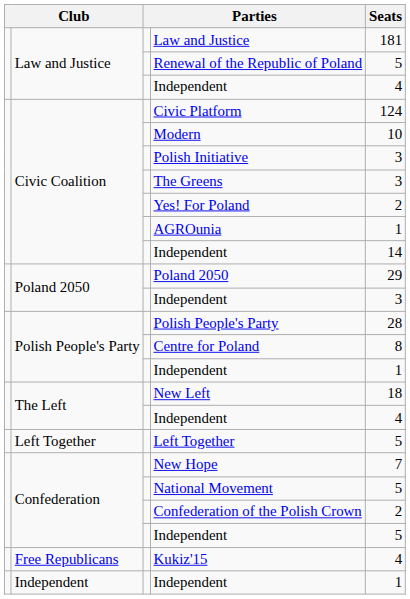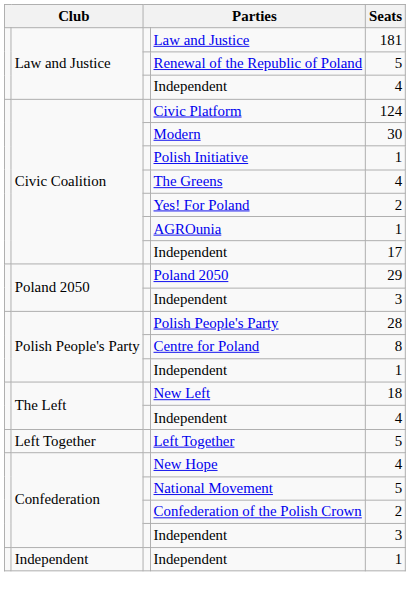 <table class="wikitable sortable">
 <tr>
 <th colspan="2">Club</th>
 <th colspan="2">Parties</th>
 <th>Seats</th>
 </tr>
 <tr>
 <td rowspan="3" style="background: "></td>
 <td rowspan="3">Law and Justice</td>
 <td style="background: "></td>
 <td><a href='#'>Law and Justice</a></td>
 <td align=right>181</td>
 </tr>
 <tr>
 <td style="background: "></td>
 <td><a href='#'>Renewal of the Republic of Poland</a></td>
 <td align=right>5</td>
 </tr>
 <tr>
 <td style="background: "></td>
 <td>Independent</td>
 <td align=right>4</td>
 </tr>
 <tr>
 <td rowspan="7" style="background: "></td>
 <td rowspan="7">Civic Coalition</td>
 <td style="background: "></td>
 <td><a href='#'>Civic Platform</a></td>
 <td align=right>124</td>
 </tr>
 <tr>
 <td style="background: "></td>
 <td><a href='#'>Modern</a></td>
-<td align=right>10</td>
+<td align=right>30</td>
 </tr>
 <tr>
 <td style="background: "></td>
 <td><a href='#'>Polish Initiative</a></td>
-<td align=right>3</td>
+<td align=right>1</td>
 </tr>
 <tr>
 <td style="background: "></td>
 <td><a href='#'>The Greens</a></td>
-<td align=right>3</td>
+<td align=right>4</td>
 </tr>
 <tr>
 <td style="background: "></td>
 <td><a href='#'>Yes! For Poland</a></td>
 <td align=right>2</td>
 </tr>
 <tr>
 <td style="background: "></td>
 <td><a href='#'>AGROunia</a></td>
 <td align=right>1</td>
 </tr>
 <tr>
 <td style="background: "></td>
 <td>Independent</td>
-<td align=right>14</td>
+<td align=right>17</td>
 </tr>
 <tr>
 <td rowspan="2" style="background: "></td>
 <td rowspan="2">Poland 2050</td>
 <td style="background: "></td>
 <td><a href='#'>Poland 2050</a></td>
 <td align=right>29</td>
 </tr>
 <tr>
 <td style="background: "></td>
 <td>Independent</td>
 <td align=right>3</td>
 </tr>
 <tr>
 <td rowspan="3" style="background: "></td>
 <td rowspan="3">Polish People's Party</td>
 <td style="background: "></td>
 <td><a href='#'>Polish People's Party</a></td>
 <td align=right>28</td>
 </tr>
 <tr>
 <td style="background: "></td>
 <td><a href='#'>Centre for Poland</a></td>
 <td align=right>8</td>
 </tr>
 <tr>
 <td style="background: "></td>
 <td>Independent</td>
 <td align=right>1</td>
 </tr>
 <tr>
 <td rowspan="2" style="background: "></td>
 <td rowspan="2">The Left</td>
 <td style="background: "></td>
 <td><a href='#'>New Left</a></td>
 <td align=right>18</td>
 </tr>
 <tr>
 <td style="background: "></td>
 <td>Independent</td>
 <td align=right>4</td>
 </tr>
 <tr>
 <td style="background: "></td>
 <td>Left Together</td>
 <td style="background: "></td>
 <td><a href='#'>Left Together</a></td>
 <td align=right>5</td>
 </tr>
 <tr>
 <td rowspan="4" style="background: "></td>
 <td rowspan="4">Confederation</td>
 <td style="background: "></td>
 <td><a href='#'>New Hope</a></td>
-<td align=right>7</td>
+<td align=right>4</td>
 </tr>
 <tr>
 <td style="background: "></td>
 <td><a href='#'>National Movement</a></td>
 <td align=right>5</td>
 </tr>
 <tr>
 <td style="background: "></td>
 <td><a href='#'>Confederation of the Polish Crown</a></td>
 <td align=right>2</td>
 </tr>
 <tr>
 <td style="background: "></td>
 <td>Independent</td>
-<td align=right>5</td>
-</tr>
-<tr>
-<td style="background: "></td>
-<td><a href='#'>Free Republicans</a></td>
-<td style="background: "></td>
-<td><a href='#'>Kukiz'15</a></td>
-<td align=right>4</td>
+<td align=right>3</td>
 </tr>
 <tr>
 <td style="background: "></td>
 <td>Independent</td>
 <td style="background: "></td>
 <td>Independent</td>
 <td align=right>1</td>
 </tr>
 </table>
